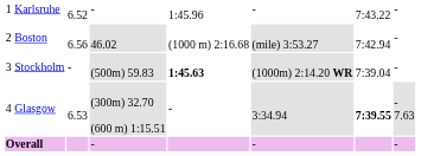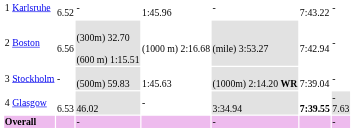 <table>
 <tr>
 <td>1</td>
 <td align=left><a href='#'>Karlsruhe</a></td>
 <td><br>6.52</td>
 <td> -</td>
 <td><br>1:45.96</td>
 <td> -</td>
 <td><br> 7:43.22</td>
 <td> -</td>
 </tr>
 <tr>
 <td>2</td>
 <td align=left><a href='#'>Boston</a></td>
 <td> <br> 6.56</td>
-<td bgcolor=#e2e2e2> <br> 46.02</td>
+<td bgcolor=#e2e2e2> <br> (300m) 32.70 <br><br> (600 m) 1:15.51</td>
 <td> <br> (1000 m) 2:16.68</td>
 <td bgcolor=#e2e2e2> <br> (mile) 3:53.27</td>
 <td> <br> 7:42.94</td>
 <td> -</td>
 </tr>
 <tr>
 <td>3</td>
 <td align=left><a href='#'>Stockholm</a></td>
 <td> -</td>
 <td bgcolor=#e2e2e2> <br> (500m) 59.83</td>
-<td><strong> <br> 1:45.63</strong></td>
+<td> <br> 1:45.63</td>
 <td bgcolor=#e2e2e2> <br> (1000m) 2:14.20 <strong>WR</strong></td>
 <td> <br> 7:39.04</td>
 <td> -</td>
 </tr>
 <tr>
 <td>4</td>
 <td align=left><a href='#'>Glasgow</a></td>
 <td> <br> 6.53</td>
-<td bgcolor=#e2e2e2> <br> (300m) 32.70 <br><br> (600 m) 1:15.51</td>
+<td bgcolor=#e2e2e2> <br> 46.02</td>
 <td> -</td>
 <td bgcolor=#e2e2e2> <br> 3:34.94</td>
 <td><strong> <br> 7:39.55</strong></td>
 <td bgcolor=#e2e2e2> -<br> 7.63</td>
 </tr>
 <tr bgcolor=#eebbee>
 <td colspan="2"><strong>Overall</strong></td>
 <td> <strong></strong></td>
 <td>-</td>
 <td> <strong></strong></td>
 <td>-</td>
 <td> <strong></strong></td>
 <td>-</td>
 </tr>
 </table>
